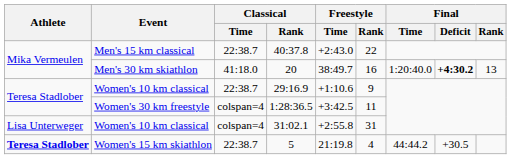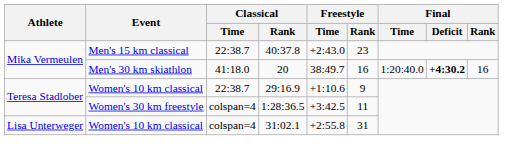 <table class=wikitable style="font-size:90%; text-align:center">
 <tr>
 <th rowspan=2>Athlete</th>
 <th rowspan=2>Event</th>
 <th colspan=2>Classical</th>
 <th colspan=2>Freestyle</th>
 <th colspan=3>Final</th>
 </tr>
 <tr style="font-size: 95%">
 <th>Time</th>
 <th>Rank</th>
 <th>Time</th>
 <th>Rank</th>
 <th>Time</th>
 <th>Deficit</th>
 <th>Rank</th>
 </tr>
 <tr>
 <td align=left rowspan=2><a href='#'>Mika Vermeulen</a></td>
 <td align=left><a href='#'>Men's 15 km classical</a></td>
 <td>22:38.7</td>
 <td>40:37.8</td>
 <td>+2:43.0</td>
-<td>22</td>
+<td>23</td>
 </tr>
 <tr>
 <td align=left><a href='#'>Men's 30 km skiathlon</a></td>
 <td>41:18.0</td>
 <td>20</td>
 <td>38:49.7</td>
 <td>16</td>
 <td>1:20:40.0</td>
 <td><strong>+4:30.2</strong></td>
-<td>13</td>
+<td>16</td>
 </tr>
 <tr>
 <td align=left rowspan=2><a href='#'>Teresa Stadlober</a></td>
 <td align=left><a href='#'>Women's 10 km classical</a></td>
 <td>22:38.7</td>
 <td>29:16.9</td>
 <td>+1:10.6</td>
 <td>9</td>
 </tr>
 <tr>
 <td align=left><a href='#'>Women's 30 km freestyle</a></td>
 <td>colspan=4 </td>
 <td>1:28:36.5</td>
 <td>+3:42.5</td>
 <td>11</td>
 </tr>
 <tr>
 <td align=left><a href='#'>Lisa Unterweger</a></td>
 <td align=left><a href='#'>Women's 10 km classical</a></td>
 <td>colspan=4 </td>
 <td>31:02.1</td>
 <td>+2:55.8</td>
 <td>31</td>
 </tr>
-<tr>
-<td align=left><strong><a href='#'>Teresa Stadlober</a></strong></td>
-<td align=left><a href='#'>Women's 15 km skiathlon</a></td>
-<td>22:38.7</td>
-<td>5</td>
-<td>21:19.8</td>
-<td>4</td>
-<td>44:44.2</td>
-<td>+30.5</td>
-<td></td>
-</tr>
 </table>
